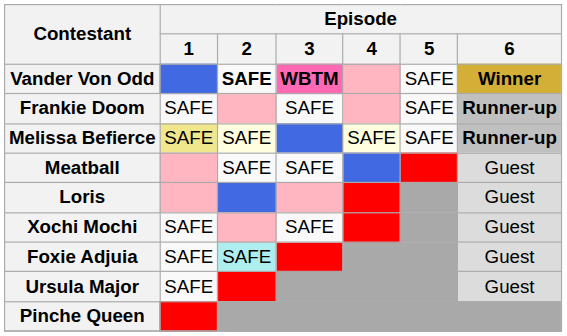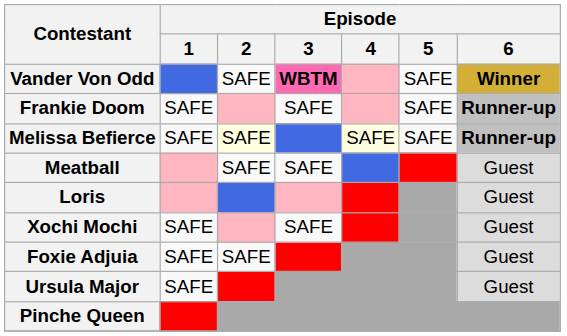 <table class="wikitable" style="text-align:center">
 <tr>
 <th scope="col" rowspan="2">Contestant</th>
 <th colspan="8">Episode</th>
 </tr>
 <tr>
 <th scope="col">1</th>
 <th scope="col">2</th>
 <th scope="col">3</th>
 <th scope="col">4</th>
 <th scope="col">5</th>
 <th scope="col">6</th>
 </tr>
 <tr>
 <th scope="row">Vander Von Odd</th>
 <td bgcolor="royalblue"><strong></strong></td>
-<td><strong>SAFE</strong></td>
+<td>SAFE</td>
 <td bgcolor="hotpink"><strong>WBTM</strong></td>
 <td bgcolor="lightpink"></td>
 <td>SAFE</td>
 <td bgcolor="#D4AF37"><strong>Winner</strong></td>
 </tr>
 <tr>
 <th scope="row">Frankie Doom</th>
 <td>SAFE</td>
 <td bgcolor="lightpink"></td>
 <td>SAFE</td>
 <td bgcolor="lightpink"></td>
 <td>SAFE</td>
 <td bgcolor="silver" nowrap><strong>Runner-up</strong></td>
 </tr>
 <tr>
 <th scope="row" nowrap>Melissa Befierce</th>
-<td style="background: khaki;">SAFE</td>
+<td>SAFE</td>
 <td bgcolor="lightyellow">SAFE</td>
 <td bgcolor="royalblue"><strong></strong></td>
 <td bgcolor="lightyellow">SAFE</td>
 <td>SAFE</td>
 <td bgcolor="silver"><strong>Runner-up</strong></td>
 </tr>
 <tr>
 <th scope="row">Meatball</th>
 <td bgcolor="lightpink"></td>
 <td>SAFE</td>
 <td>SAFE</td>
 <td bgcolor="royalblue"><strong></strong></td>
 <td bgcolor="red"><span></span></td>
 <td bgcolor="gainsboro">Guest</td>
 </tr>
 <tr>
 <th scope="row">Loris</th>
 <td bgcolor="lightpink"></td>
 <td bgcolor="royalblue"><strong></strong></td>
 <td bgcolor="lightpink"></td>
 <td bgcolor="red"><span></span></td>
 <td bgcolor="darkgray"></td>
 <td bgcolor="gainsboro">Guest</td>
 </tr>
 <tr>
 <th scope="row">Xochi Mochi</th>
 <td>SAFE</td>
 <td bgcolor="lightpink"></td>
 <td>SAFE</td>
 <td bgcolor="red"><span></span></td>
 <td bgcolor="darkgray"></td>
 <td bgcolor="gainsboro">Guest</td>
 </tr>
 <tr>
 <th scope="row">Foxie Adjuia</th>
 <td>SAFE</td>
-<td style="background: paleturquoise;">SAFE</td>
+<td>SAFE</td>
 <td bgcolor="red"><span></span></td>
 <td bgcolor="darkgray" colspan="2"></td>
 <td bgcolor="gainsboro">Guest</td>
 </tr>
 <tr>
 <th scope="row">Ursula Major</th>
 <td>SAFE</td>
 <td bgcolor="red"><span></span></td>
 <td bgcolor="darkgray" colspan="3"></td>
 <td bgcolor="gainsboro">Guest</td>
 </tr>
 <tr>
 <th scope="row">Pinche Queen</th>
 <td bgcolor="red"><span></span></td>
 <td bgcolor="darkgray" colspan="5"></td>
 </tr>
 <tr>
 </tr>
 </table>
